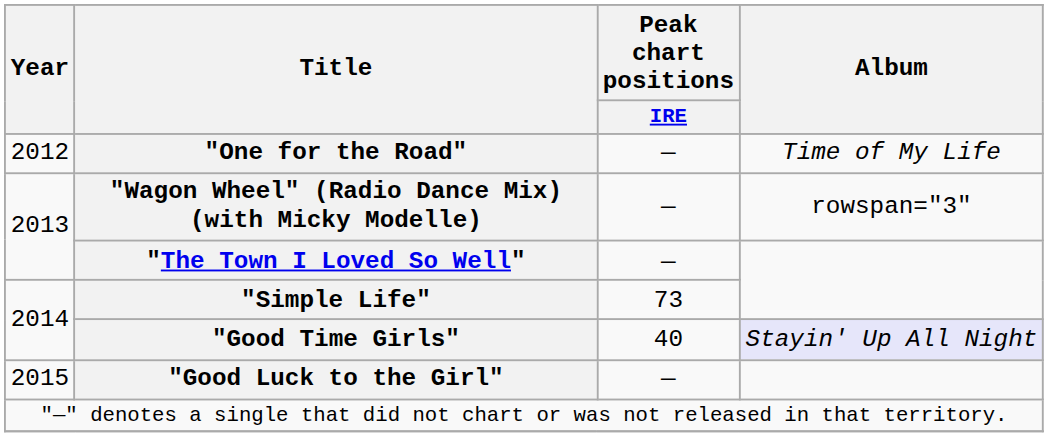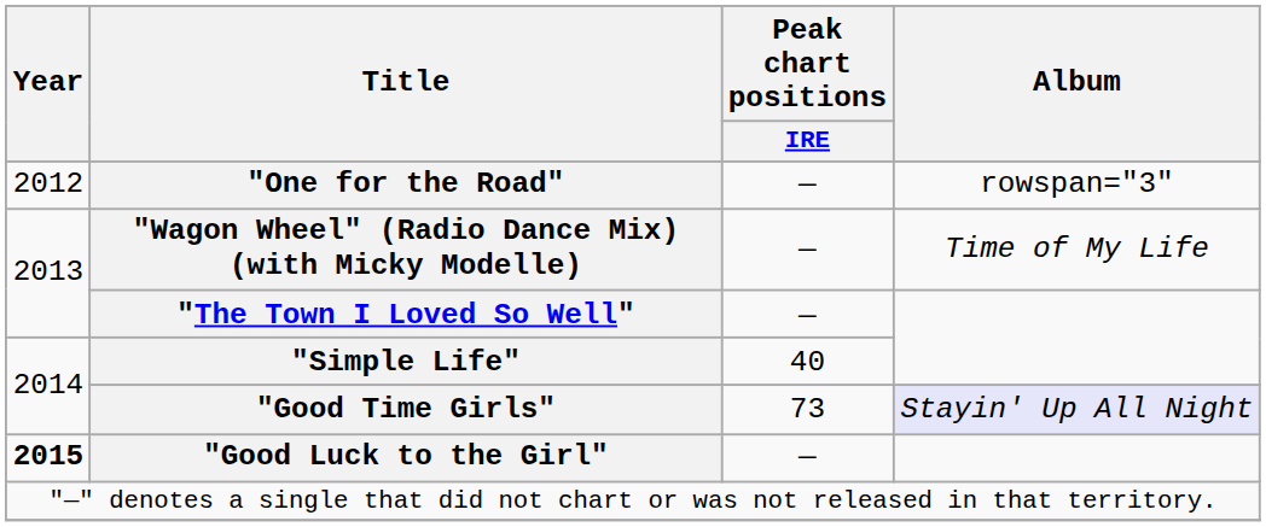 <table class="wikitable plainrowheaders" style="text-align:center;">
 <tr>
 <th scope="col" rowspan="2" style="width:1em;">Year</th>
 <th scope="col" rowspan="2" style="width:21em;">Title</th>
 <th scope="col" colspan="1">Peak chart positions</th>
 <th scope="col" rowspan="2">Album</th>
 </tr>
 <tr>
 <th scope="col" style="width:3em;font-size:85%;"><a href='#'>IRE</a><br></th>
 </tr>
 <tr>
 <td>2012</td>
 <th scope="row">"One for the Road"</th>
 <td>—</td>
-<td><em>Time of My Life</em></td>
+<td>rowspan="3" </td>
 </tr>
 <tr>
 <td rowspan="2">2013</td>
 <th scope="row">"Wagon Wheel" (Radio Dance Mix)<br><span>(with Micky Modelle)</span></th>
 <td>—</td>
-<td>rowspan="3" </td>
+<td><em>Time of My Life</em></td>
 </tr>
 <tr>
 <th scope="row">"<a href='#'>The Town I Loved So Well</a>"</th>
 <td>—</td>
 </tr>
 <tr>
 <td rowspan="2">2014</td>
 <th scope="row">"Simple Life"</th>
-<td>73</td>
+<td>40</td>
 </tr>
 <tr>
 <th scope="row">"Good Time Girls"</th>
-<td>40</td>
+<td>73</td>
 <td style="background: lavender;"><em>Stayin' Up All Night</em></td>
 </tr>
 <tr>
-<td>2015</td>
+<td><strong>2015</strong></td>
 <th scope="row">"Good Luck to the Girl"</th>
 <td>—</td>
 <td></td>
 </tr>
 <tr>
 <td colspan="20" style="text-align:center; font-size:85%;">"—" denotes a single that did not chart or was not released in that territory.</td>
 </tr>
 <tr>
 </tr>
 </table>
